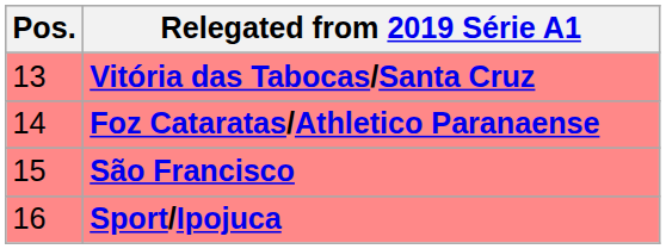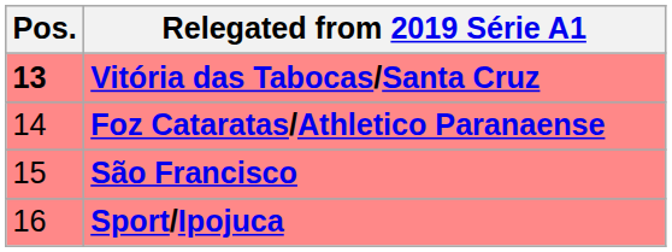 <table class="wikitable">
 <tr>
 <th style="text-align:center;">Pos.</th>
 <th width=300>Relegated from <a href='#'>2019 Série A1</a></th>
 </tr>
 <tr style="background: #FF8888;">
-<td>13</td>
+<td><strong>13</strong></td>
 <td><strong><a href='#'>Vitória das Tabocas</a>/<a href='#'>Santa Cruz</a></strong></td>
 </tr>
 <tr style="background: #FF8888;">
 <td>14</td>
 <td><strong><a href='#'>Foz Cataratas</a>/<a href='#'>Athletico Paranaense</a></strong></td>
 </tr>
 <tr style="background: #FF8888;">
 <td>15</td>
 <td><strong><a href='#'>São Francisco</a></strong></td>
 </tr>
 <tr style="background: #FF8888;">
 <td>16</td>
 <td><strong><a href='#'>Sport</a>/<a href='#'>Ipojuca</a></strong></td>
 </tr>
 </table>
